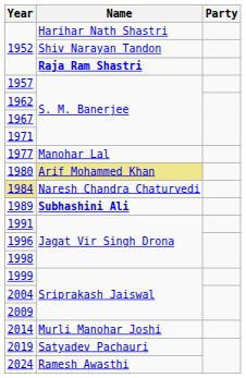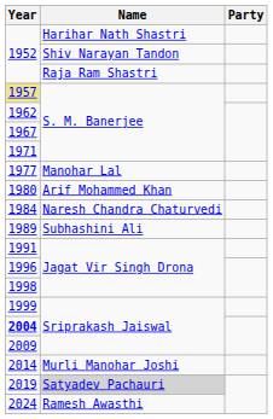 <table class="wikitable sortable">
 <tr>
 <th>Year</th>
 <th>Name</th>
 <th colspan="2">Party</th>
 </tr>
 <tr>
 <td rowspan="3"><a href='#'>1952</a></td>
 <td><a href='#'>Harihar Nath Shastri</a></td>
 <td></td>
 </tr>
 <tr>
 <td><a href='#'>Shiv Narayan Tandon</a></td>
 </tr>
 <tr>
-<td><strong><a href='#'>Raja Ram Shastri</a></strong></td>
+<td><a href='#'>Raja Ram Shastri</a></td>
 <td></td>
 </tr>
 <tr>
-<td><a href='#'>1957</a></td>
+<td style="background: khaki;"><a href='#'>1957</a></td>
 <td rowspan="4"><a href='#'>S. M. Banerjee</a></td>
 <td></td>
 </tr>
 <tr>
 <td><a href='#'>1962</a></td>
 </tr>
 <tr>
 <td><a href='#'>1967</a></td>
 </tr>
 <tr>
 <td><a href='#'>1971</a></td>
 </tr>
 <tr>
 <td><a href='#'>1977</a></td>
 <td><a href='#'>Manohar Lal</a></td>
 <td></td>
 </tr>
 <tr>
 <td><a href='#'>1980</a></td>
-<td style="background: khaki;"><a href='#'>Arif Mohammed Khan</a></td>
+<td><a href='#'>Arif Mohammed Khan</a></td>
 <td></td>
 </tr>
 <tr>
-<td style="background: khaki;"><a href='#'>1984</a></td>
+<td><a href='#'>1984</a></td>
 <td><a href='#'>Naresh Chandra Chaturvedi</a></td>
 </tr>
 <tr>
 <td><a href='#'>1989</a></td>
-<td><strong><a href='#'>Subhashini Ali</a></strong></td>
+<td><a href='#'>Subhashini Ali</a></td>
 <td></td>
 </tr>
 <tr>
 <td><a href='#'>1991</a></td>
 <td rowspan="3"><a href='#'>Jagat Vir Singh Drona</a></td>
 <td></td>
 </tr>
 <tr>
 <td><a href='#'>1996</a></td>
 </tr>
 <tr>
 <td><a href='#'>1998</a></td>
 </tr>
 <tr>
 <td><a href='#'>1999</a></td>
 <td rowspan="3"><a href='#'>Sriprakash Jaiswal</a></td>
 <td></td>
 </tr>
 <tr>
-<td><a href='#'>2004</a></td>
+<td><strong><a href='#'>2004</a></strong></td>
 </tr>
 <tr>
 <td><a href='#'>2009</a></td>
 </tr>
 <tr>
 <td><a href='#'>2014</a></td>
 <td><a href='#'>Murli Manohar Joshi</a></td>
 <td></td>
 </tr>
 <tr>
 <td><a href='#'>2019</a></td>
-<td><a href='#'>Satyadev Pachauri</a></td>
+<td style="background: lightgrey;"><a href='#'>Satyadev Pachauri</a></td>
 </tr>
 <tr>
 <td><a href='#'>2024</a></td>
 <td><a href='#'>Ramesh Awasthi</a></td>
 </tr>
 </table>
